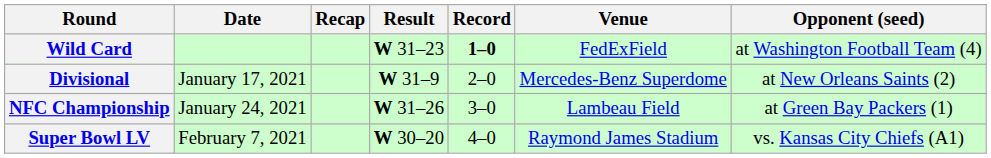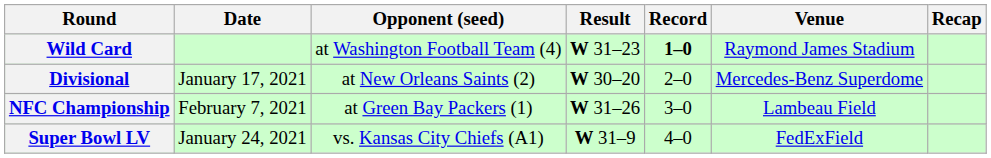 <table class="wikitable" style="text-align:center">
 <tr>
 <th>Round</th>
 <th>Date</th>
-<th>Recap</th>
+<th>Opponent (seed)</th>
 <th>Result</th>
 <th>Record</th>
 <th>Venue</th>
-<th>Opponent (seed)</th>
+<th>Recap</th>
 </tr>
 <tr style="background:#cfc">
 <th><a href='#'>Wild Card</a></th>
 <td></td>
-<td></td>
+<td>at <a href='#'>Washington Football Team</a> (4)</td>
 <td><strong>W</strong> 31–23</td>
 <td><strong>1–0</strong></td>
-<td><a href='#'>FedExField</a></td>
-<td>at <a href='#'>Washington Football Team</a> (4)</td>
+<td><a href='#'>Raymond James Stadium</a></td>
+<td></td>
 </tr>
 <tr style="background:#cfc">
 <th><a href='#'>Divisional</a></th>
 <td>January 17, 2021</td>
-<td></td>
-<td><strong>W</strong> 31–9</td>
+<td>at <a href='#'>New Orleans Saints</a> (2)</td>
+<td><strong>W</strong> 30–20</td>
 <td>2–0</td>
 <td><a href='#'>Mercedes-Benz Superdome</a></td>
-<td>at <a href='#'>New Orleans Saints</a> (2)</td>
+<td></td>
 </tr>
 <tr style="background:#cfc">
 <th><a href='#'>NFC Championship</a></th>
-<td>January 24, 2021</td>
-<td></td>
+<td>February 7, 2021</td>
+<td>at <a href='#'>Green Bay Packers</a> (1)</td>
 <td><strong>W</strong> 31–26</td>
 <td>3–0</td>
 <td><a href='#'>Lambeau Field</a></td>
-<td>at <a href='#'>Green Bay Packers</a> (1)</td>
+<td></td>
 </tr>
 <tr style="background:#cfc">
 <th><a href='#'>Super Bowl LV</a></th>
-<td>February 7, 2021</td>
+<td>January 24, 2021</td>
+<td>vs. <a href='#'>Kansas City Chiefs</a> (A1)</td>
+<td><strong>W</strong> 31–9</td>
+<td>4–0</td>
+<td><a href='#'>FedExField</a></td>
 <td></td>
-<td><strong>W</strong> 30–20</td>
-<td>4–0</td>
-<td><a href='#'>Raymond James Stadium</a></td>
-<td>vs. <a href='#'>Kansas City Chiefs</a> (A1)</td>
 </tr>
 </table>
